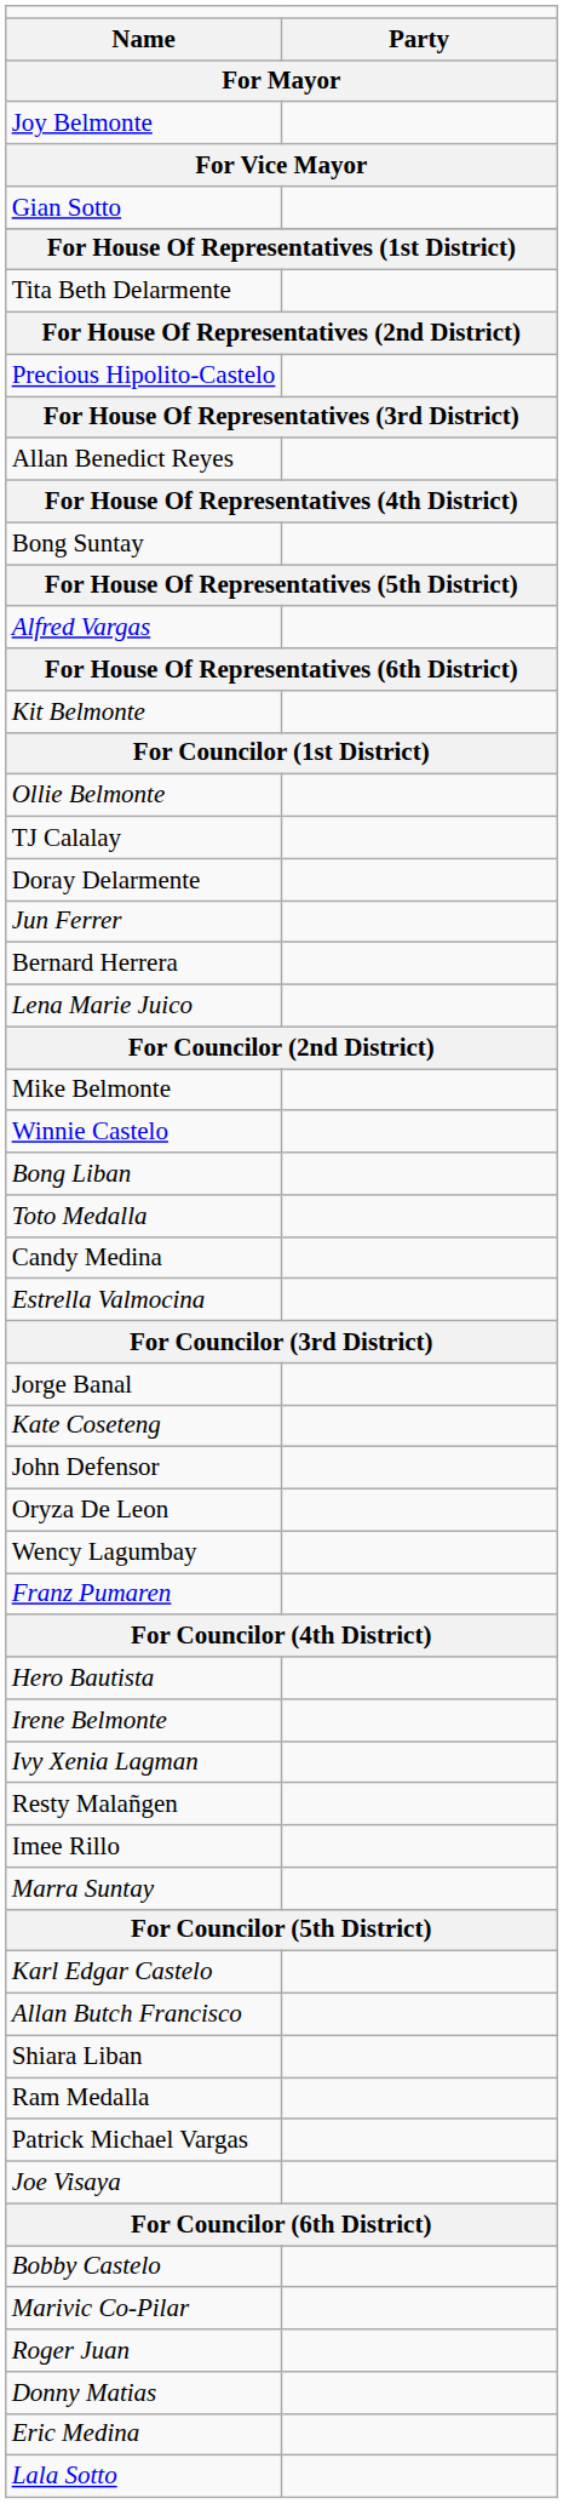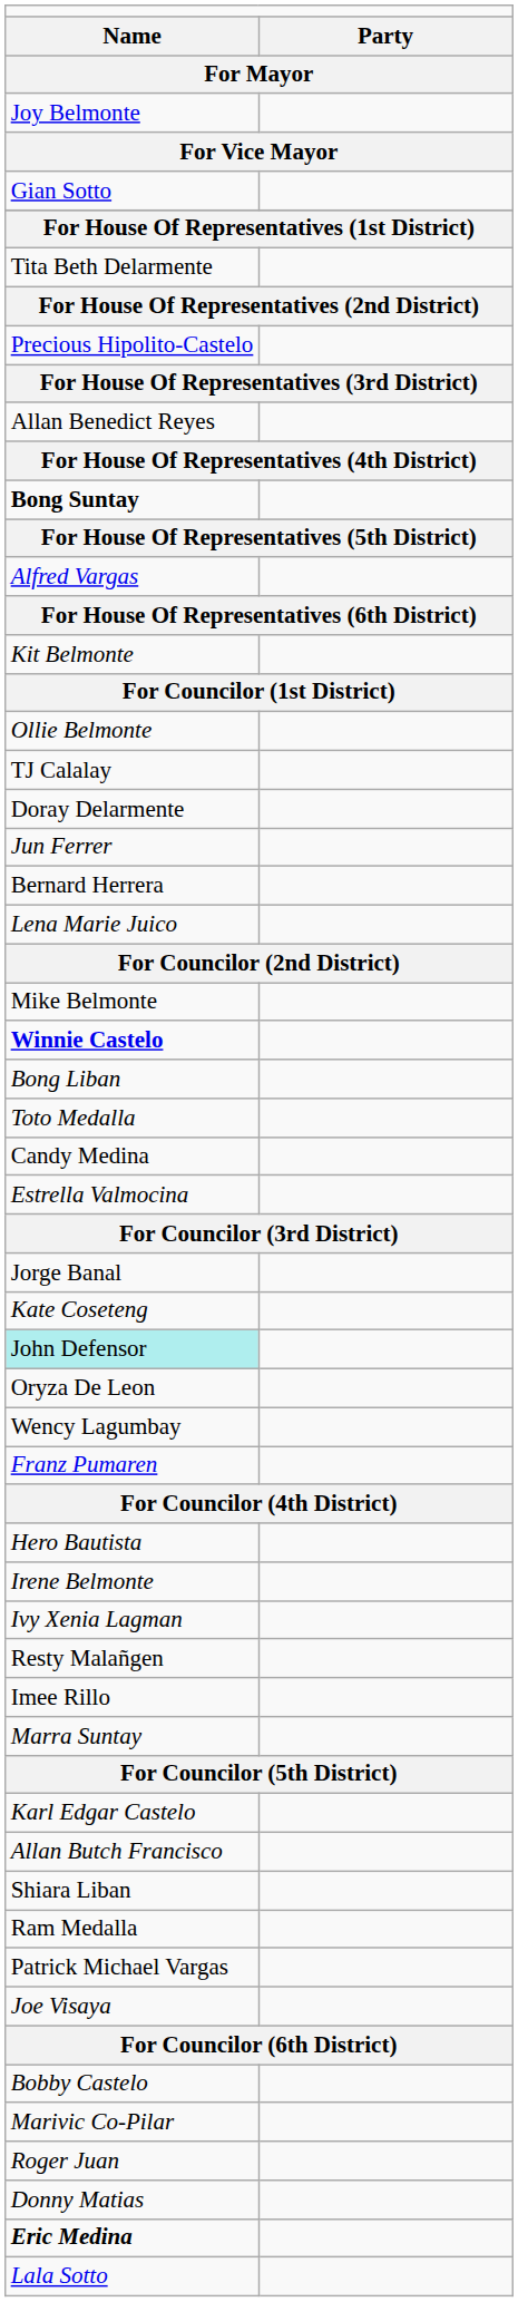 <table class=wikitable style="font-size:90%">
 <tr>
 <td colspan=4 bgcolor=></td>
 </tr>
 <tr>
 <th width=50%>Name</th>
 <th colspan=2>Party</th>
 </tr>
 <tr>
 <th colspan=3>For Mayor</th>
 </tr>
 <tr>
 <td><a href='#'>Joy Belmonte</a></td>
 <td></td>
 </tr>
 <tr>
 <th colspan=3>For Vice Mayor</th>
 </tr>
 <tr>
 <td><a href='#'>Gian Sotto</a></td>
 <td></td>
 </tr>
 <tr>
 </tr>
 <tr>
 <th colspan=3>For House Of Representatives (1st District)</th>
 </tr>
 <tr>
 <td>Tita Beth Delarmente</td>
 <td></td>
 </tr>
 <tr>
 <th colspan=3>For House Of Representatives (2nd District)</th>
 </tr>
 <tr>
 <td><a href='#'>Precious Hipolito-Castelo</a></td>
 <td></td>
 </tr>
 <tr>
 <th colspan=3>For House Of Representatives (3rd District)</th>
 </tr>
 <tr>
 <td>Allan Benedict Reyes</td>
 <td></td>
 </tr>
 <tr>
 <th colspan=3>For House Of Representatives (4th District)</th>
 </tr>
 <tr>
-<td>Bong Suntay</td>
+<td><strong>Bong Suntay</strong></td>
 <td></td>
 </tr>
 <tr>
 <th colspan=3>For House Of Representatives (5th District)</th>
 </tr>
 <tr>
 <td><em><a href='#'>Alfred Vargas</a></em></td>
 <td></td>
 </tr>
 <tr>
 <th colspan=3>For House Of Representatives (6th District)</th>
 </tr>
 <tr>
 <td><em>Kit Belmonte</em></td>
 <td></td>
 </tr>
 <tr>
 <th colspan=3>For Councilor (1st District)</th>
 </tr>
 <tr>
 <td><em>Ollie Belmonte</em></td>
 <td></td>
 </tr>
 <tr>
 <td>TJ Calalay</td>
 <td></td>
 </tr>
 <tr>
 <td>Doray Delarmente</td>
 <td></td>
 </tr>
 <tr>
 <td><em>Jun Ferrer</em></td>
 <td></td>
 </tr>
 <tr>
 <td>Bernard Herrera</td>
 <td></td>
 </tr>
 <tr>
 <td><em>Lena Marie Juico</em></td>
 <td></td>
 </tr>
 <tr>
 <th colspan=3>For Councilor (2nd District)</th>
 </tr>
 <tr>
 <td>Mike Belmonte</td>
 <td></td>
 </tr>
 <tr>
-<td><a href='#'>Winnie Castelo</a></td>
+<td><strong><a href='#'>Winnie Castelo</a></strong></td>
 <td></td>
 </tr>
 <tr>
 <td><em>Bong Liban</em></td>
 <td></td>
 </tr>
 <tr>
 <td><em>Toto Medalla</em></td>
 <td></td>
 </tr>
 <tr>
 <td>Candy Medina</td>
 <td></td>
 </tr>
 <tr>
 <td><em>Estrella Valmocina</em></td>
 <td></td>
 </tr>
 <tr>
 <th colspan=3>For Councilor (3rd District)</th>
 </tr>
 <tr>
 <td>Jorge Banal</td>
 <td></td>
 </tr>
 <tr>
 <td><em>Kate Coseteng</em></td>
 <td></td>
 </tr>
 <tr>
-<td>John Defensor</td>
+<td style="background: paleturquoise;">John Defensor</td>
 <td></td>
 </tr>
 <tr>
 <td>Oryza De Leon</td>
 <td></td>
 </tr>
 <tr>
 <td>Wency Lagumbay</td>
 <td></td>
 </tr>
 <tr>
 <td><em><a href='#'>Franz Pumaren</a></em></td>
 <td></td>
 </tr>
 <tr>
 <th colspan=3>For Councilor (4th District)</th>
 </tr>
 <tr>
 <td><em>Hero Bautista</em></td>
 <td></td>
 </tr>
 <tr>
 <td><em>Irene Belmonte</em></td>
 <td></td>
 </tr>
 <tr>
 <td><em>Ivy Xenia Lagman</em></td>
 <td></td>
 </tr>
 <tr>
 <td>Resty Malañgen</td>
 <td></td>
 </tr>
 <tr>
 <td>Imee Rillo</td>
 <td></td>
 </tr>
 <tr>
 <td><em>Marra Suntay</em></td>
 <td></td>
 </tr>
 <tr>
 <th colspan=3>For Councilor (5th District)</th>
 </tr>
 <tr>
 <td><em>Karl Edgar Castelo</em></td>
 <td></td>
 </tr>
 <tr>
 <td><em>Allan Butch Francisco</em></td>
 <td></td>
 </tr>
 <tr>
 <td>Shiara Liban</td>
 <td></td>
 </tr>
 <tr>
 <td>Ram Medalla</td>
 <td></td>
 </tr>
 <tr>
 <td>Patrick Michael Vargas</td>
 <td></td>
 </tr>
 <tr>
 <td><em>Joe Visaya</em></td>
 <td></td>
 </tr>
 <tr>
 <th colspan=3>For Councilor (6th District)</th>
 </tr>
 <tr>
 <td><em>Bobby Castelo</em></td>
 <td></td>
 </tr>
 <tr>
 <td><em>Marivic Co-Pilar</em></td>
 <td></td>
 </tr>
 <tr>
 <td><em>Roger Juan</em></td>
 <td></td>
 </tr>
 <tr>
 <td><em>Donny Matias</em></td>
 <td></td>
 </tr>
 <tr>
-<td><em>Eric Medina</em></td>
+<td><strong><em>Eric Medina</em></strong></td>
 <td></td>
 </tr>
 <tr>
 <td><em><a href='#'>Lala Sotto</a></em></td>
 <td></td>
 </tr>
 </table>
